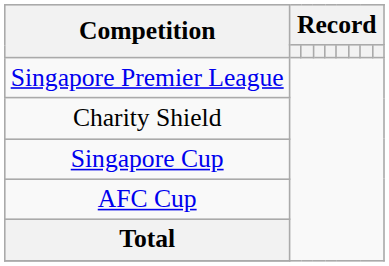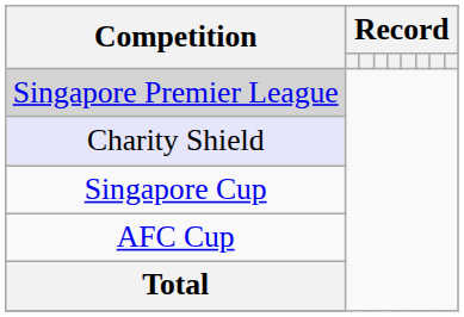 <table class="wikitable" style="text-align: center">
 <tr>
 <th rowspan=2>Competition</th>
 <th colspan=8>Record</th>
 </tr>
 <tr>
 <th></th>
 <th></th>
 <th></th>
 <th></th>
 <th></th>
 <th></th>
 <th></th>
 <th></th>
 </tr>
 <tr>
-<td><a href='#'>Singapore Premier League</a><br></td>
+<td style="background: lightgrey;"><a href='#'>Singapore Premier League</a><br></td>
 </tr>
 <tr>
-<td>Charity Shield<br></td>
+<td style="background: lavender;">Charity Shield<br></td>
 </tr>
 <tr>
 <td><a href='#'>Singapore Cup</a><br></td>
 </tr>
 <tr>
 <td><a href='#'>AFC Cup</a><br></td>
 </tr>
 <tr>
 <th>Total<br></th>
 </tr>
 <tr>
 </tr>
 </table>
